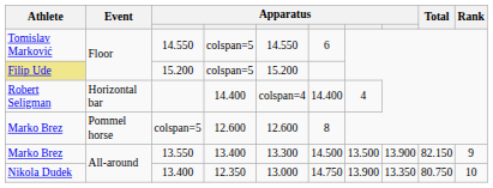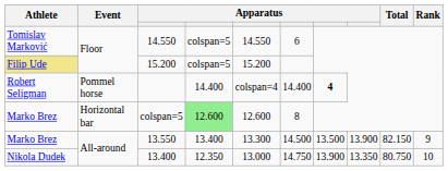 <table class="wikitable" style="font-size:90%">
 <tr>
 <th rowspan=2>Athlete</th>
 <th rowspan=2>Event</th>
 <th colspan =6>Apparatus</th>
 <th rowspan=2>Total</th>
 <th rowspan=2>Rank</th>
 </tr>
 <tr style="font-size:95%">
 <th></th>
 <th></th>
 <th></th>
 <th></th>
 <th></th>
 <th></th>
 </tr>
 <tr align=center>
 <td align=left><a href='#'>Tomislav Marković</a></td>
 <td align=left rowspan=2>Floor</td>
 <td>14.550</td>
 <td>colspan=5 </td>
 <td>14.550</td>
 <td>6</td>
 </tr>
 <tr align=center>
 <td align=left style="background: khaki;"><a href='#'>Filip Ude</a></td>
 <td>15.200</td>
 <td>colspan=5 </td>
 <td>15.200</td>
 <td></td>
 </tr>
 <tr align=center>
 <td align=left><a href='#'>Robert Seligman</a></td>
-<td align=left>Horizontal bar</td>
+<td align=left>Pommel horse</td>
 <td></td>
 <td>14.400</td>
 <td>colspan=4 </td>
 <td>14.400</td>
-<td>4</td>
+<td><strong>4</strong></td>
 </tr>
 <tr align=center>
 <td align=left><a href='#'>Marko Brez</a></td>
-<td align=left>Pommel horse</td>
+<td align=left>Horizontal bar</td>
 <td>colspan=5 </td>
-<td>12.600</td>
+<td style="background: lightgreen;">12.600</td>
 <td>12.600</td>
 <td>8</td>
 </tr>
 <tr align=center>
 <td align=left><a href='#'>Marko Brez</a></td>
 <td align=left rowspan=2>All-around</td>
 <td>13.550</td>
 <td>13.400</td>
 <td>13.300</td>
 <td>14.500</td>
 <td>13.500</td>
 <td>13.900</td>
 <td>82.150</td>
 <td>9</td>
 </tr>
 <tr align=center>
 <td align=left><a href='#'>Nikola Dudek</a></td>
 <td>13.400</td>
 <td>12.350</td>
 <td>13.000</td>
 <td>14.750</td>
 <td>13.900</td>
 <td>13.350</td>
 <td>80.750</td>
 <td>10</td>
 </tr>
 </table>
